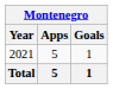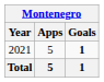 <table class="wikitable" style="text-align:center">
 <tr>
 <th colspan=3><a href='#'>Montenegro</a></th>
 </tr>
 <tr>
 <th>Year</th>
 <th>Apps</th>
 <th>Goals</th>
 </tr>
 <tr>
 <td>2021</td>
 <td>5</td>
-<td>1</td>
+<td><strong>1</strong></td>
 </tr>
 <tr>
 <th>Total</th>
 <th>5</th>
 <th>1</th>
 </tr>
 </table>
